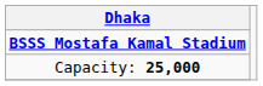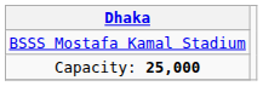 <table class="wikitable" style="text-align:center">
 <tr>
 <th><a href='#'>Dhaka</a></th>
 <td rowspan="4"></td>
 </tr>
 <tr>
-<td><strong><a href='#'>BSSS Mostafa Kamal Stadium</a></strong></td>
+<td><a href='#'>BSSS Mostafa Kamal Stadium</a></td>
 </tr>
 <tr>
 <td>Capacity: <strong>25,000</strong></td>
 </tr>
 <tr>
 </tr>
 </table>
